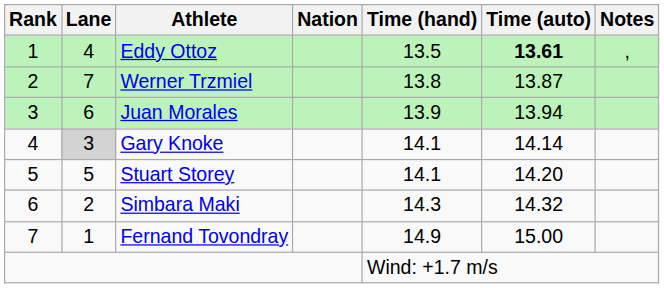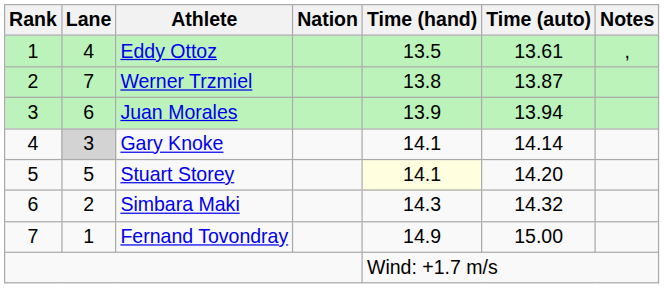 <table class="wikitable sortable" style="text-align:center">
 <tr>
 <th>Rank</th>
 <th>Lane</th>
 <th>Athlete</th>
 <th>Nation</th>
 <th>Time (hand)</th>
 <th>Time (auto)</th>
 <th>Notes</th>
 </tr>
 <tr bgcolor=bbf3bb>
 <td>1</td>
 <td>4</td>
 <td align=left><a href='#'>Eddy Ottoz</a></td>
 <td align=left></td>
 <td>13.5</td>
-<td><strong>13.61</strong></td>
+<td>13.61</td>
 <td>, </td>
 </tr>
 <tr bgcolor=bbf3bb>
 <td>2</td>
 <td>7</td>
 <td align=left><a href='#'>Werner Trzmiel</a></td>
 <td align=left></td>
 <td>13.8</td>
 <td>13.87</td>
 <td></td>
 </tr>
 <tr bgcolor=bbf3bb>
 <td>3</td>
 <td>6</td>
 <td align=left><a href='#'>Juan Morales</a></td>
 <td align=left></td>
 <td>13.9</td>
 <td>13.94</td>
 <td></td>
 </tr>
 <tr>
 <td>4</td>
 <td style="background: lightgrey;">3</td>
 <td align=left><a href='#'>Gary Knoke</a></td>
 <td align=left></td>
 <td>14.1</td>
 <td>14.14</td>
 <td></td>
 </tr>
 <tr>
 <td>5</td>
 <td>5</td>
 <td align=left><a href='#'>Stuart Storey</a></td>
 <td align=left></td>
-<td>14.1</td>
+<td style="background: lightyellow;">14.1</td>
 <td>14.20</td>
 <td></td>
 </tr>
 <tr>
 <td>6</td>
 <td>2</td>
 <td align=left><a href='#'>Simbara Maki</a></td>
 <td align=left></td>
 <td>14.3</td>
 <td>14.32</td>
 <td></td>
 </tr>
 <tr>
 <td>7</td>
 <td>1</td>
 <td align=left><a href='#'>Fernand Tovondray</a></td>
 <td align=left></td>
 <td>14.9</td>
 <td>15.00</td>
 <td></td>
 </tr>
 <tr class="sortbottom">
 <td colspan=4></td>
 <td colspan="3" style="text-align:left;">Wind: +1.7 m/s</td>
 </tr>
 </table>
